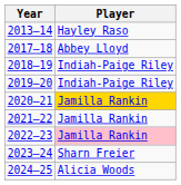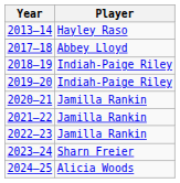 <table class="wikitable">
 <tr>
 <th>Year</th>
 <th>Player</th>
 </tr>
 <tr>
 <td><a href='#'>2013–14</a></td>
 <td> <a href='#'>Hayley Raso</a></td>
 </tr>
 <tr>
 <td><a href='#'>2017–18</a></td>
 <td> <a href='#'>Abbey Lloyd</a></td>
 </tr>
 <tr>
 <td><a href='#'>2018–19</a></td>
 <td> <a href='#'>Indiah-Paige Riley</a></td>
 </tr>
 <tr>
 <td><a href='#'>2019–20</a></td>
 <td> <a href='#'>Indiah-Paige Riley</a></td>
 </tr>
 <tr>
 <td><a href='#'>2020–21</a></td>
-<td style="background: gold;"> <a href='#'>Jamilla Rankin</a></td>
+<td> <a href='#'>Jamilla Rankin</a></td>
 </tr>
 <tr>
 <td><a href='#'>2021–22</a></td>
 <td> <a href='#'>Jamilla Rankin</a></td>
 </tr>
 <tr>
 <td><a href='#'>2022–23</a></td>
-<td style="background: pink;"> <a href='#'>Jamilla Rankin</a></td>
+<td> <a href='#'>Jamilla Rankin</a></td>
 </tr>
 <tr>
 <td><a href='#'>2023–24</a></td>
 <td> <a href='#'>Sharn Freier</a></td>
 </tr>
 <tr>
 <td><a href='#'>2024–25</a></td>
 <td> <a href='#'>Alicia Woods</a></td>
 </tr>
 </table>
